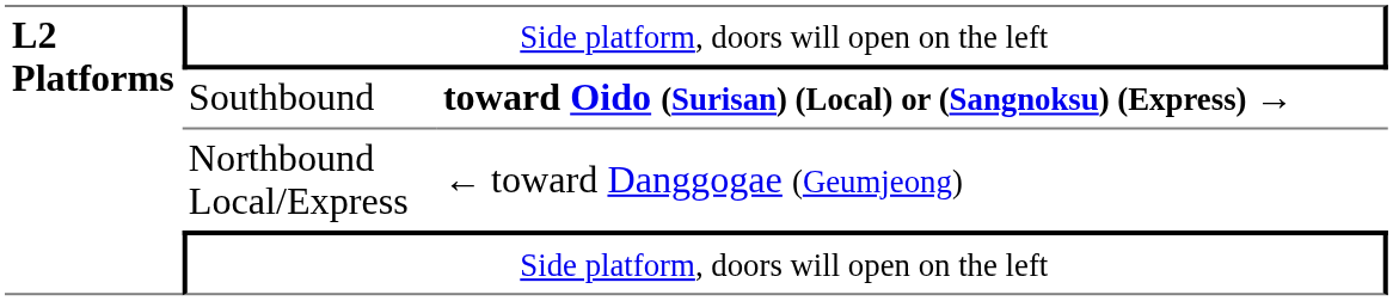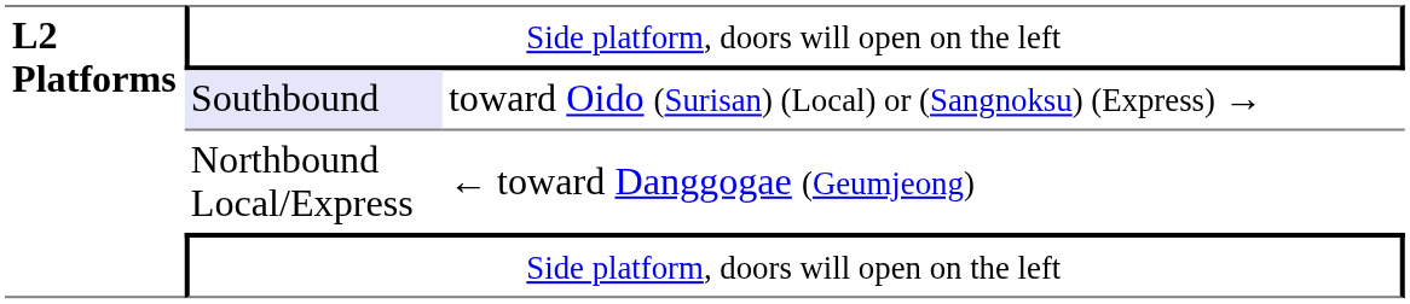 <table table border=0 cellspacing=0 cellpadding=3>
 <tr>
 <td style="border-top:solid 1px gray;border-bottom:solid 1px gray;" width=50 rowspan=10 valign=top><strong>L2<br>Platforms</strong></td>
 <td style="border-top:solid 1px gray;border-right:solid 2px black;border-left:solid 2px black;border-bottom:solid 2px black;text-align:center;" colspan=2><small><a href='#'>Side platform</a>, doors will open on the left</small></td>
 </tr>
 <tr>
-<td>Southbound</td>
-<td><strong>  toward <a href='#'>Oido</a> <small>(<a href='#'>Surisan</a>) (Local) or (<a href='#'>Sangnoksu</a>) (Express) </small> →</strong></td>
+<td style="background: lavender;">Southbound</td>
+<td>  toward <a href='#'>Oido</a> <small>(<a href='#'>Surisan</a>) (Local) or (<a href='#'>Sangnoksu</a>) (Express) </small> →</td>
 </tr>
 <tr>
 <td style="border-bottom:solid 0px gray;border-top:solid 1px gray;" width=100>Northbound Local/Express</td>
 <td style="border-bottom:solid 0px gray;border-top:solid 1px gray;" width=390>←  toward <a href='#'>Danggogae</a> <small>(<a href='#'>Geumjeong</a>)</small></td>
 </tr>
 <tr>
 <td style="border-top:solid 2px black;border-right:solid 2px black;border-left:solid 2px black;border-bottom:solid 1px gray;text-align:center;" colspan=2><small><a href='#'>Side platform</a>, doors will open on the left</small></td>
 </tr>
 </table>
